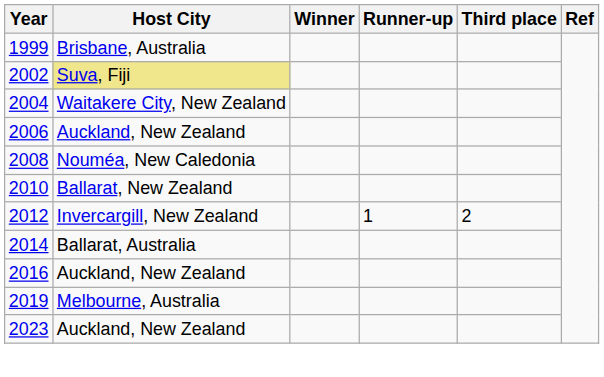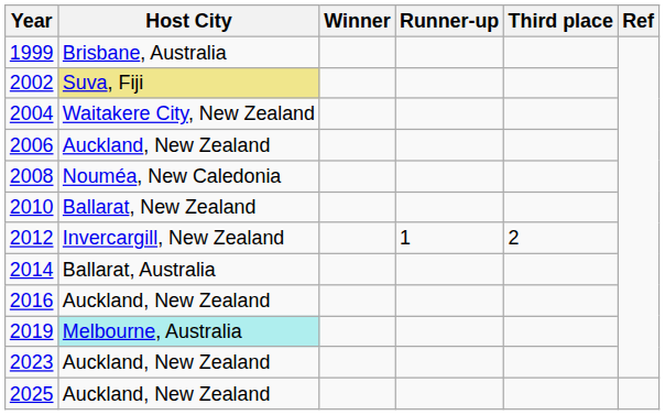 <table class=wikitable style="font-size:90%;">
 <tr>
 <th>Year</th>
 <th>Host City</th>
 <th>Winner</th>
 <th>Runner-up</th>
 <th>Third place</th>
 <th>Ref</th>
 </tr>
 <tr>
 <td><a href='#'>1999</a></td>
 <td><a href='#'>Brisbane</a>, Australia</td>
 <td></td>
 <td></td>
 <td></td>
 <td rowspan="11" style="text-align:center"></td>
 </tr>
 <tr>
 <td><a href='#'>2002</a></td>
 <td style="background: khaki;"><a href='#'>Suva</a>, Fiji</td>
 <td></td>
 <td></td>
 <td></td>
 </tr>
 <tr>
 <td><a href='#'>2004</a></td>
 <td><a href='#'>Waitakere City</a>, New Zealand</td>
 <td></td>
 <td></td>
 <td></td>
 </tr>
 <tr>
 <td><a href='#'>2006</a></td>
 <td><a href='#'>Auckland</a>, New Zealand</td>
 <td></td>
 <td></td>
 <td></td>
 </tr>
 <tr>
 <td><a href='#'>2008</a></td>
 <td><a href='#'>Nouméa</a>, New Caledonia</td>
 <td></td>
 <td></td>
 <td></td>
 </tr>
 <tr>
 <td><a href='#'>2010</a></td>
 <td><a href='#'>Ballarat</a>, New Zealand</td>
 <td></td>
 <td></td>
 <td></td>
 </tr>
 <tr>
 <td><a href='#'>2012</a></td>
 <td><a href='#'>Invercargill</a>, New Zealand</td>
 <td></td>
 <td> 1</td>
 <td> 2</td>
 </tr>
 <tr>
 <td><a href='#'>2014</a></td>
 <td>Ballarat, Australia</td>
 <td></td>
 <td></td>
 <td></td>
 </tr>
 <tr>
 <td><a href='#'>2016</a></td>
 <td>Auckland, New Zealand</td>
 <td></td>
 <td></td>
 <td></td>
 </tr>
 <tr>
 <td><a href='#'>2019</a></td>
-<td><a href='#'>Melbourne</a>, Australia</td>
+<td style="background: paleturquoise;"><a href='#'>Melbourne</a>, Australia</td>
 <td></td>
 <td></td>
 <td></td>
 </tr>
 <tr>
 <td><a href='#'>2023</a></td>
 <td>Auckland, New Zealand</td>
 <td></td>
 <td></td>
 <td></td>
 </tr>
+<tr>
+<td><a href='#'>2025</a></td>
+<td>Auckland, New Zealand</td>
+<td></td>
+<td></td>
+<td></td>
+<td style="text-align:center"></td>
+</tr>
 </table>
